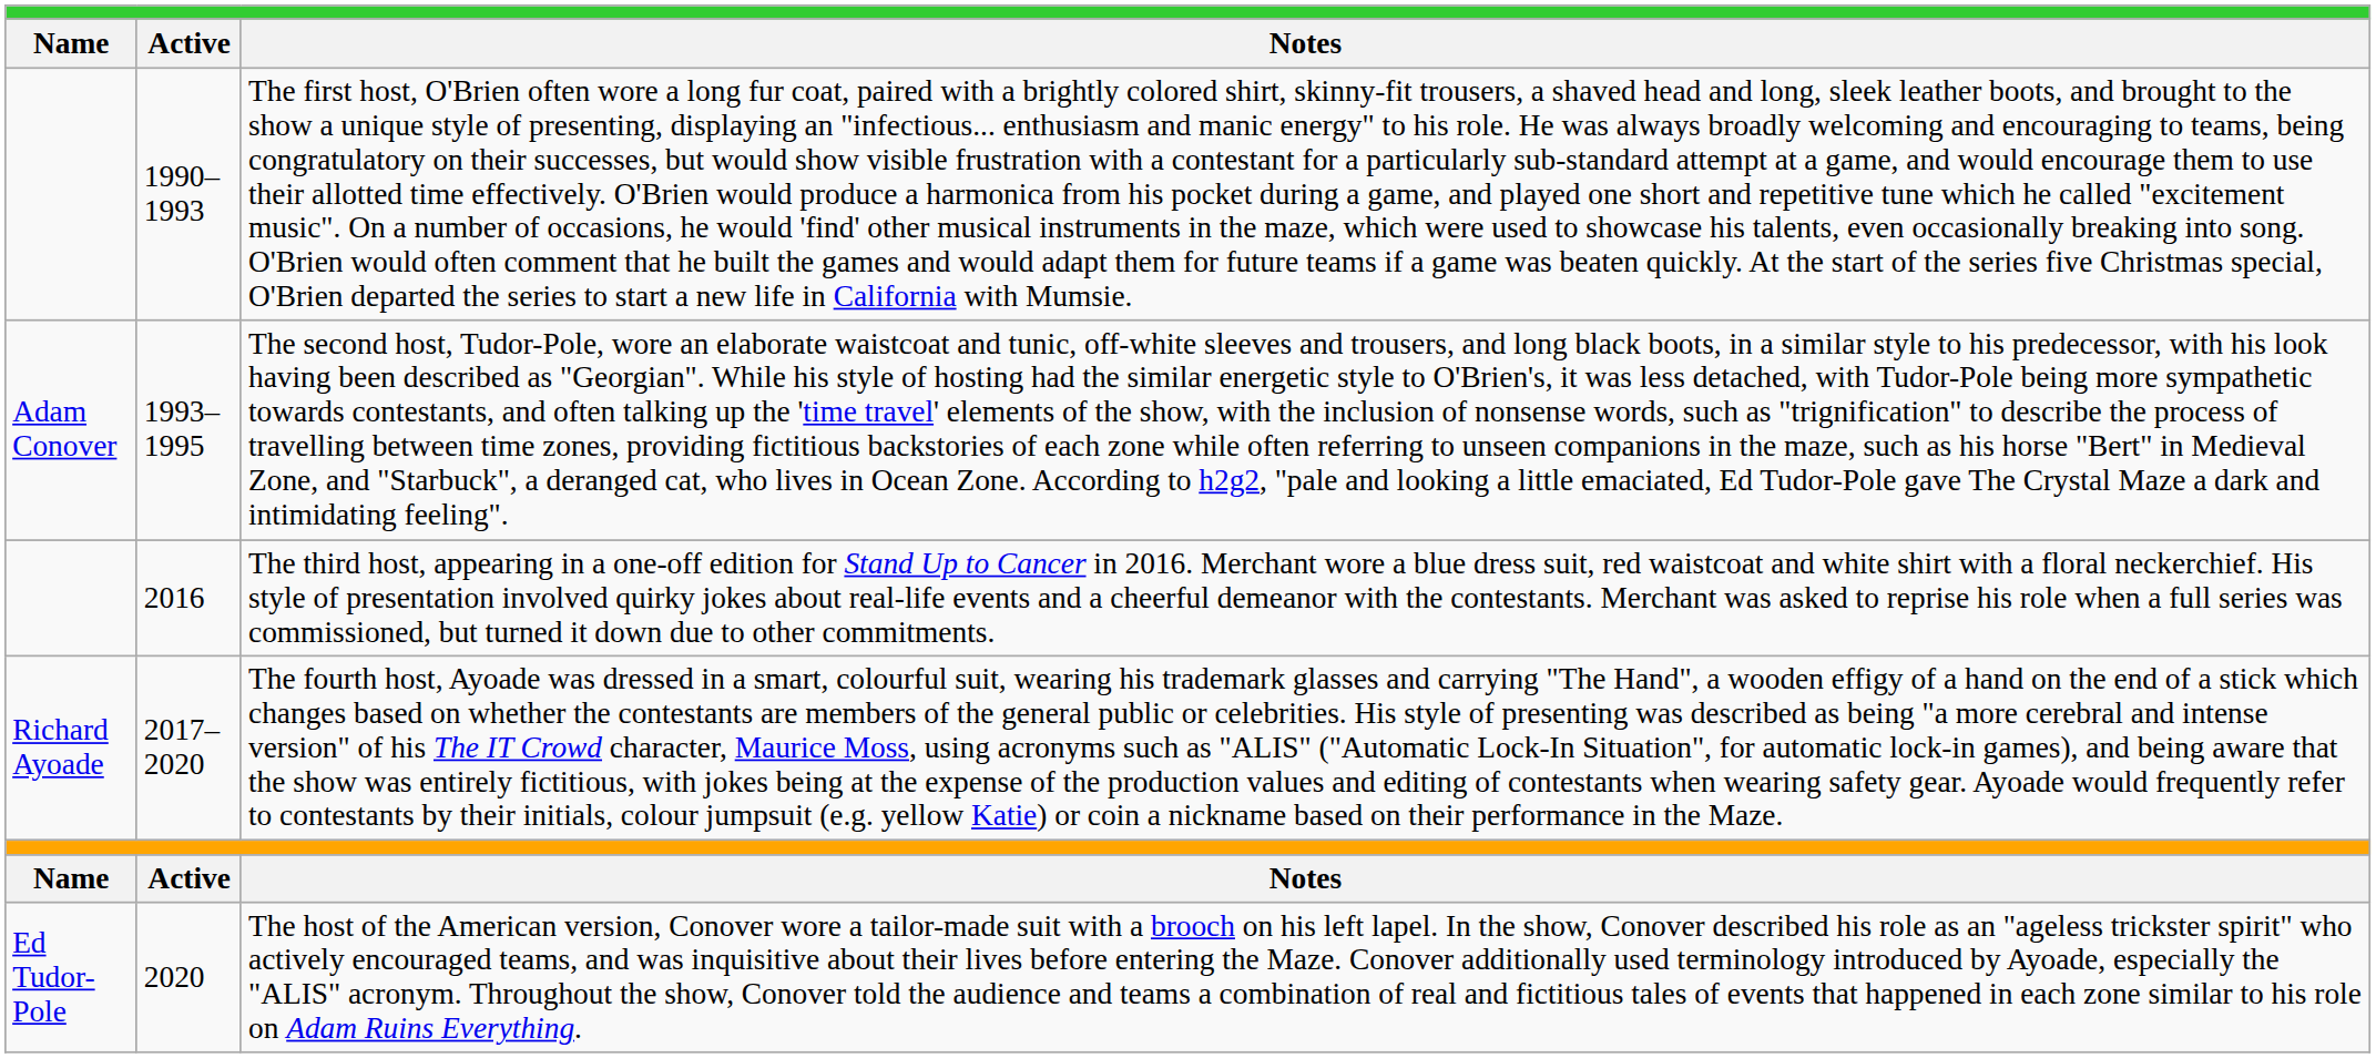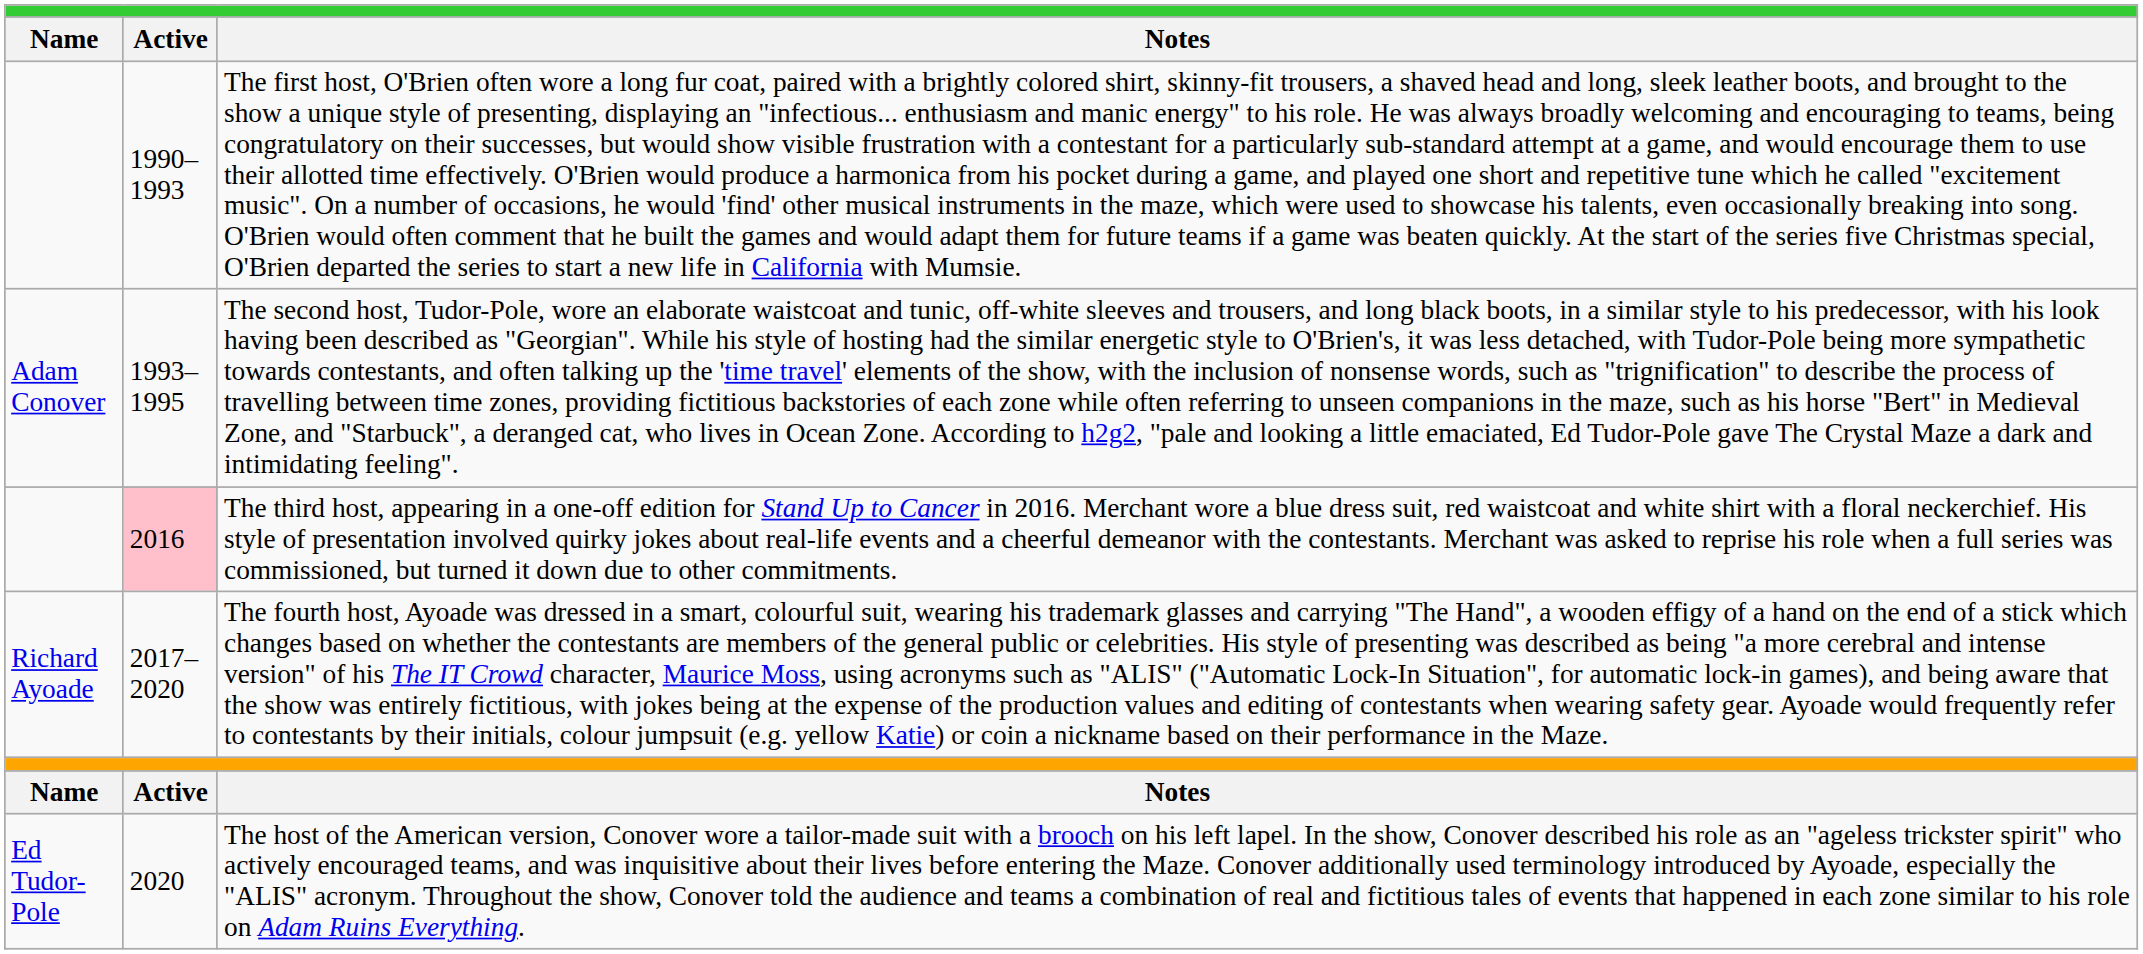 <table class="wikitable">
 <tr>
 <td colspan=3 bgcolor=limegreen></td>
 </tr>
 <tr>
 <th>Name</th>
 <th>Active</th>
 <th>Notes</th>
 </tr>
 <tr>
 <td></td>
 <td>1990–1993</td>
 <td>The first host, O'Brien often wore a long fur coat, paired with a brightly colored shirt, skinny-fit trousers, a shaved head and long, sleek leather boots, and brought to the show a unique style of presenting, displaying an "infectious... enthusiasm and manic energy" to his role. He was always broadly welcoming and encouraging to teams, being congratulatory on their successes, but would show visible frustration with a contestant for a particularly sub-standard attempt at a game, and would encourage them to use their allotted time effectively. O'Brien would produce a harmonica from his pocket during a game, and played one short and repetitive tune which he called "excitement music". On a number of occasions, he would 'find' other musical instruments in the maze, which were used to showcase his talents, even occasionally breaking into song. O'Brien would often comment that he built the games and would adapt them for future teams if a game was beaten quickly. At the start of the series five Christmas special, O'Brien departed the series to start a new life in <a href='#'>California</a> with Mumsie.</td>
 </tr>
 <tr>
 <td><a href='#'>Adam Conover</a></td>
 <td>1993–1995</td>
 <td>The second host, Tudor-Pole, wore an elaborate waistcoat and tunic, off-white sleeves and trousers, and long black boots, in a similar style to his predecessor, with his look having been described as "Georgian". While his style of hosting had the similar energetic style to O'Brien's, it was less detached, with Tudor-Pole being more sympathetic towards contestants, and often talking up the '<a href='#'>time travel</a>' elements of the show, with the inclusion of nonsense words, such as "trignification" to describe the process of travelling between time zones, providing fictitious backstories of each zone while often referring to unseen companions in the maze, such as his horse "Bert" in Medieval Zone, and "Starbuck", a deranged cat, who lives in Ocean Zone. According to <a href='#'>h2g2</a>, "pale and looking a little emaciated, Ed Tudor-Pole gave The Crystal Maze a dark and intimidating feeling".</td>
 </tr>
 <tr>
 <td></td>
-<td>2016</td>
+<td style="background: pink;">2016</td>
 <td>The third host, appearing in a one-off edition for <em><a href='#'>Stand Up to Cancer</a></em> in 2016. Merchant wore a blue dress suit, red waistcoat and white shirt with a floral neckerchief. His style of presentation involved quirky jokes about real-life events and a cheerful demeanor with the contestants. Merchant was asked to reprise his role when a full series was commissioned, but turned it down due to other commitments.</td>
 </tr>
 <tr>
 <td><a href='#'>Richard Ayoade</a></td>
 <td>2017–2020</td>
 <td>The fourth host, Ayoade was dressed in a smart, colourful suit, wearing his trademark glasses and carrying "The Hand", a wooden effigy of a hand on the end of a stick which changes based on whether the contestants are members of the general public or celebrities. His style of presenting was described as being "a more cerebral and intense version" of his <em><a href='#'>The IT Crowd</a></em> character, <a href='#'>Maurice Moss</a>, using acronyms such as "ALIS" ("Automatic Lock-In Situation", for automatic lock-in games), and being aware that the show was entirely fictitious, with jokes being at the expense of the production values and editing of contestants when wearing safety gear. Ayoade would frequently refer to contestants by their initials, colour jumpsuit (e.g. yellow <a href='#'>Katie</a>) or coin a nickname based on their performance in the Maze.</td>
 </tr>
 <tr>
 <td colspan=3 bgcolor=orange></td>
 </tr>
 <tr>
 <th>Name</th>
 <th>Active</th>
 <th>Notes</th>
 </tr>
 <tr>
 <td><a href='#'>Ed Tudor-Pole</a></td>
 <td>2020</td>
 <td>The host of the American version, Conover wore a tailor-made suit with a <a href='#'>brooch</a> on his left lapel. In the show, Conover described his role as an "ageless trickster spirit" who actively encouraged teams, and was inquisitive about their lives before entering the Maze. Conover additionally used terminology introduced by Ayoade, especially the "ALIS" acronym. Throughout the show, Conover told the audience and teams a combination of real and fictitious tales of events that happened in each zone similar to his role on <em><a href='#'>Adam Ruins Everything</a></em>.</td>
 </tr>
 </table>
